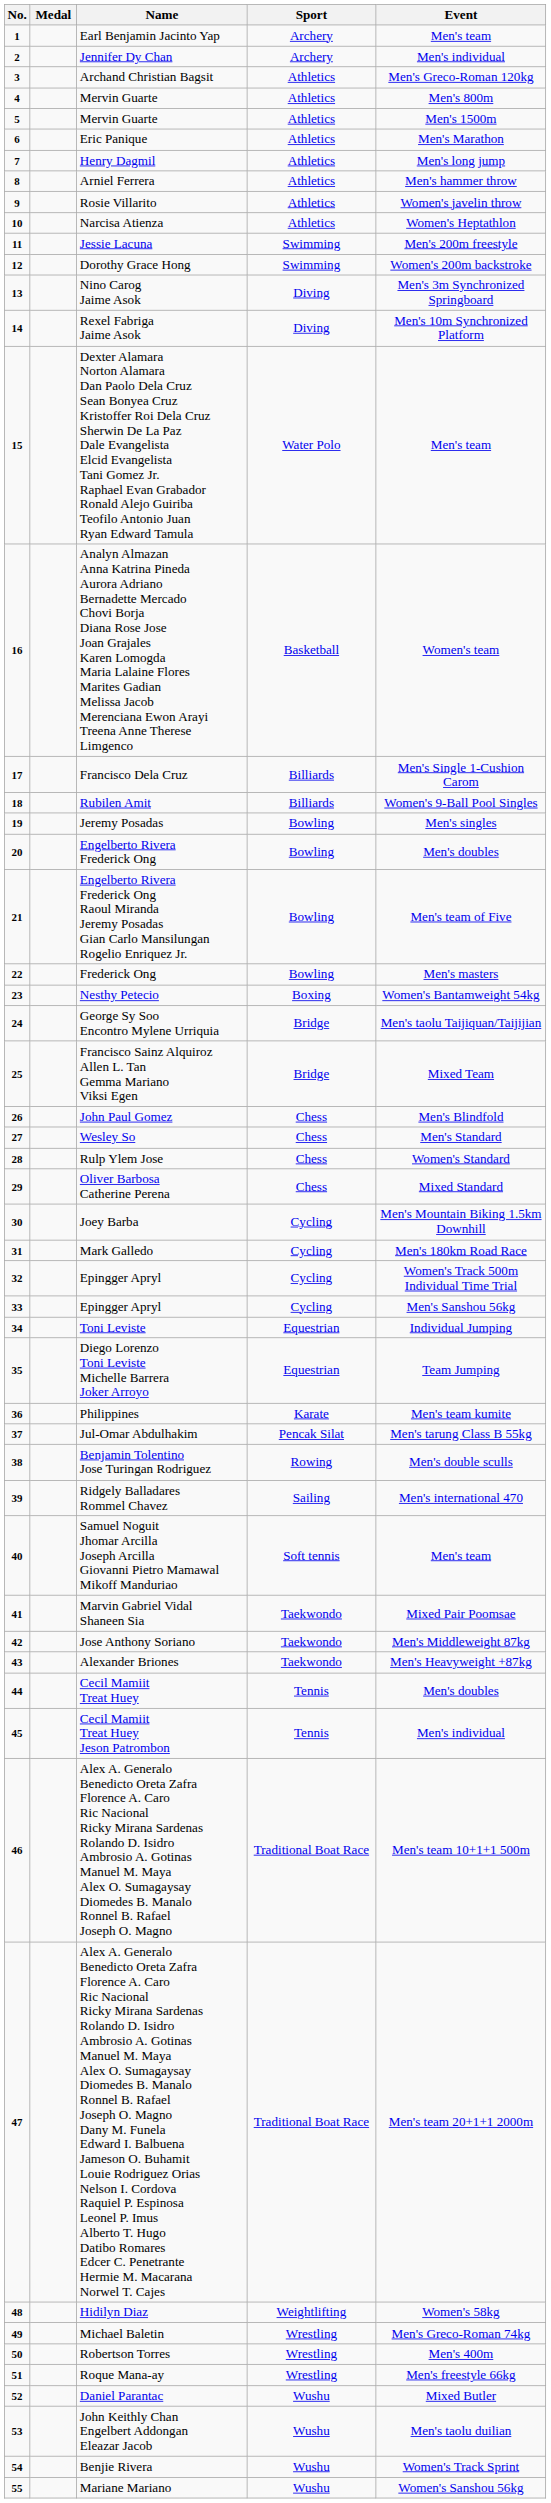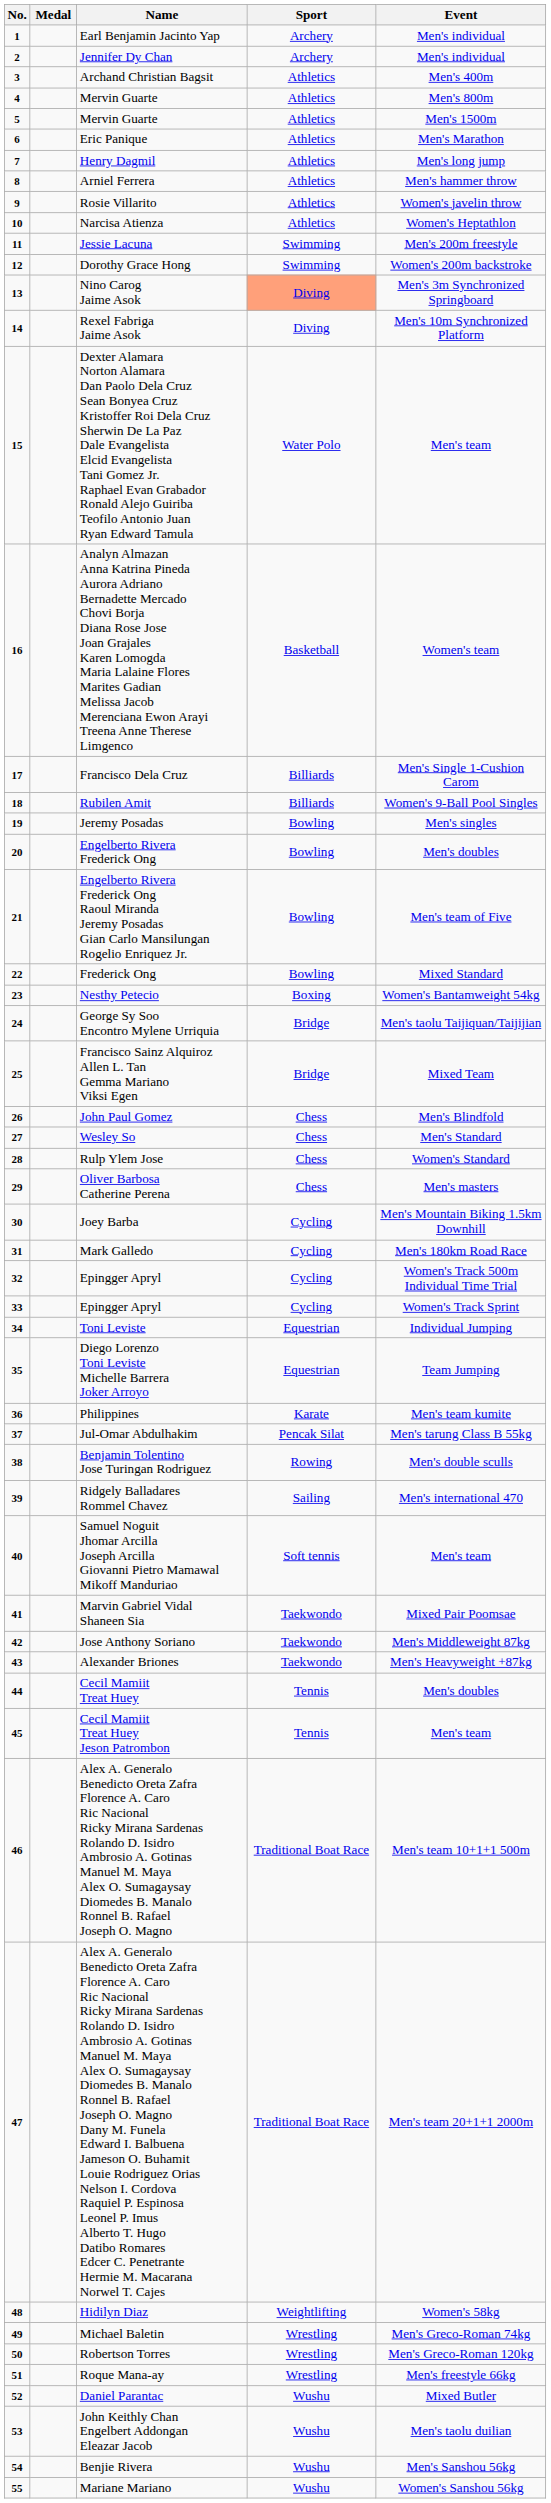 <table class="wikitable sortable" style="font-size:100%; text-align:center;">
 <tr>
 <th width="10">No.</th>
 <th width="50">Medal</th>
 <th width="200">Name</th>
 <th width="150">Sport</th>
 <th width="200">Event</th>
 </tr>
 <tr>
 <td><small><strong>1</strong></small></td>
 <td></td>
 <td align=left>Earl Benjamin Jacinto Yap</td>
 <td> <a href='#'>Archery</a></td>
-<td><a href='#'>Men's team</a></td>
+<td><a href='#'>Men's individual</a></td>
 </tr>
 <tr>
 <td><small><strong>2</strong></small></td>
 <td></td>
 <td align=left><a href='#'>Jennifer Dy Chan</a></td>
 <td> <a href='#'>Archery</a></td>
 <td><a href='#'>Men's individual</a></td>
 </tr>
 <tr>
 <td><small><strong>3</strong></small></td>
 <td></td>
 <td align=left>Archand Christian Bagsit</td>
 <td> <a href='#'>Athletics</a></td>
-<td><a href='#'>Men's Greco-Roman 120kg</a></td>
+<td><a href='#'>Men's 400m</a></td>
 </tr>
 <tr>
 <td><small><strong>4</strong></small></td>
 <td></td>
 <td align=left>Mervin Guarte</td>
 <td> <a href='#'>Athletics</a></td>
 <td><a href='#'>Men's 800m</a></td>
 </tr>
 <tr>
 <td><small><strong>5</strong></small></td>
 <td></td>
 <td align=left>Mervin Guarte</td>
 <td> <a href='#'>Athletics</a></td>
 <td><a href='#'>Men's 1500m</a></td>
 </tr>
 <tr>
 <td><small><strong>6</strong></small></td>
 <td></td>
 <td align=left>Eric Panique</td>
 <td> <a href='#'>Athletics</a></td>
 <td><a href='#'>Men's Marathon</a></td>
 </tr>
 <tr>
 <td><small><strong>7</strong></small></td>
 <td></td>
 <td align=left><a href='#'>Henry Dagmil</a></td>
 <td> <a href='#'>Athletics</a></td>
 <td><a href='#'>Men's long jump</a></td>
 </tr>
 <tr>
 <td><small><strong>8</strong></small></td>
 <td></td>
 <td align=left>Arniel Ferrera</td>
 <td> <a href='#'>Athletics</a></td>
 <td><a href='#'>Men's hammer throw</a></td>
 </tr>
 <tr>
 <td><small><strong>9</strong></small></td>
 <td></td>
 <td align=left>Rosie Villarito</td>
 <td> <a href='#'>Athletics</a></td>
 <td><a href='#'>Women's javelin throw</a></td>
 </tr>
 <tr>
 <td><small><strong>10</strong></small></td>
 <td></td>
 <td align=left>Narcisa Atienza</td>
 <td> <a href='#'>Athletics</a></td>
 <td><a href='#'>Women's Heptathlon</a></td>
 </tr>
 <tr>
 <td><small><strong>11</strong></small></td>
 <td></td>
 <td align=left><a href='#'>Jessie Lacuna</a></td>
 <td> <a href='#'>Swimming</a></td>
 <td><a href='#'>Men's 200m freestyle</a></td>
 </tr>
 <tr>
 <td><small><strong>12</strong></small></td>
 <td></td>
 <td align=left>Dorothy Grace Hong</td>
 <td> <a href='#'>Swimming</a></td>
 <td><a href='#'>Women's 200m backstroke</a></td>
 </tr>
 <tr>
 <td><small><strong>13</strong></small></td>
 <td></td>
 <td align=left>Nino Carog<br>Jaime Asok</td>
-<td> <a href='#'>Diving</a></td>
+<td style="background: lightsalmon;"> <a href='#'>Diving</a></td>
 <td><a href='#'>Men's 3m Synchronized Springboard</a></td>
 </tr>
 <tr>
 <td><small><strong>14</strong></small></td>
 <td></td>
 <td align=left>Rexel Fabriga<br>Jaime Asok</td>
 <td> <a href='#'>Diving</a></td>
 <td><a href='#'>Men's 10m Synchronized Platform</a></td>
 </tr>
 <tr>
 <td><small><strong>15</strong></small></td>
 <td></td>
 <td align=left>Dexter Alamara<br>Norton Alamara<br>Dan Paolo Dela Cruz<br>Sean Bonyea Cruz<br>Kristoffer Roi Dela Cruz<br>Sherwin De La Paz<br>Dale Evangelista<br>Elcid Evangelista<br>Tani Gomez Jr.<br>Raphael Evan Grabador<br>Ronald Alejo Guiriba<br>Teofilo Antonio Juan<br>Ryan Edward Tamula</td>
 <td> <a href='#'>Water Polo</a></td>
 <td><a href='#'>Men's team</a></td>
 </tr>
 <tr>
 <td><small><strong>16</strong></small></td>
 <td></td>
 <td align=left>Analyn Almazan<br>Anna Katrina Pineda<br>Aurora Adriano<br>Bernadette Mercado<br>Chovi Borja<br>Diana Rose Jose<br>Joan Grajales<br>Karen Lomogda<br>Maria Lalaine Flores<br>Marites Gadian<br>Melissa Jacob<br>Merenciana Ewon Arayi<br>Treena Anne Therese Limgenco</td>
 <td> <a href='#'>Basketball</a></td>
 <td><a href='#'>Women's team</a></td>
 </tr>
 <tr>
 <td><small><strong>17</strong></small></td>
 <td></td>
 <td align=left>Francisco Dela Cruz</td>
 <td> <a href='#'>Billiards</a></td>
 <td><a href='#'>Men's Single 1-Cushion Carom</a></td>
 </tr>
 <tr>
 <td><small><strong>18</strong></small></td>
 <td></td>
 <td align=left><a href='#'>Rubilen Amit</a></td>
 <td> <a href='#'>Billiards</a></td>
 <td><a href='#'>Women's 9-Ball Pool Singles</a></td>
 </tr>
 <tr>
 <td><small><strong>19</strong></small></td>
 <td></td>
 <td align=left>Jeremy Posadas</td>
 <td> <a href='#'>Bowling</a></td>
 <td><a href='#'>Men's singles</a></td>
 </tr>
 <tr>
 <td><small><strong>20</strong></small></td>
 <td></td>
 <td align=left><a href='#'>Engelberto Rivera</a><br>Frederick Ong</td>
 <td> <a href='#'>Bowling</a></td>
 <td><a href='#'>Men's doubles</a></td>
 </tr>
 <tr>
 <td><small><strong>21</strong></small></td>
 <td></td>
 <td align=left><a href='#'>Engelberto Rivera</a><br>Frederick Ong<br>Raoul Miranda<br>Jeremy Posadas<br>Gian Carlo Mansilungan<br>Rogelio Enriquez Jr.</td>
 <td> <a href='#'>Bowling</a></td>
 <td><a href='#'>Men's team of Five</a></td>
 </tr>
 <tr>
 <td><small><strong>22</strong></small></td>
 <td></td>
 <td align=left>Frederick Ong</td>
 <td> <a href='#'>Bowling</a></td>
-<td><a href='#'>Men's masters</a></td>
+<td><a href='#'>Mixed Standard</a></td>
 </tr>
 <tr>
 <td><small><strong>23</strong></small></td>
 <td></td>
 <td align=left><a href='#'>Nesthy Petecio</a></td>
 <td> <a href='#'>Boxing</a></td>
 <td><a href='#'>Women's Bantamweight 54kg</a></td>
 </tr>
 <tr>
 <td><small><strong>24</strong></small></td>
 <td></td>
 <td align=left>George Sy Soo<br>Encontro Mylene Urriquia</td>
 <td> <a href='#'>Bridge</a></td>
 <td><a href='#'>Men's taolu Taijiquan/Taijijian</a></td>
 </tr>
 <tr>
 <td><small><strong>25</strong></small></td>
 <td></td>
 <td align=left>Francisco Sainz Alquiroz<br>Allen L. Tan<br>Gemma Mariano<br>Viksi Egen</td>
 <td> <a href='#'>Bridge</a></td>
 <td><a href='#'>Mixed Team</a></td>
 </tr>
 <tr>
 <td><small><strong>26</strong></small></td>
 <td></td>
 <td align=left><a href='#'>John Paul Gomez</a></td>
 <td> <a href='#'>Chess</a></td>
 <td><a href='#'>Men's Blindfold</a></td>
 </tr>
 <tr>
 <td><small><strong>27</strong></small></td>
 <td></td>
 <td align=left><a href='#'>Wesley So</a></td>
 <td> <a href='#'>Chess</a></td>
 <td><a href='#'>Men's Standard</a></td>
 </tr>
 <tr>
 <td><small><strong>28</strong></small></td>
 <td></td>
 <td align=left>Rulp Ylem Jose</td>
 <td> <a href='#'>Chess</a></td>
 <td><a href='#'>Women's Standard</a></td>
 </tr>
 <tr>
 <td><small><strong>29</strong></small></td>
 <td></td>
 <td align=left><a href='#'>Oliver Barbosa</a><br>Catherine Perena</td>
 <td> <a href='#'>Chess</a></td>
-<td><a href='#'>Mixed Standard</a></td>
+<td><a href='#'>Men's masters</a></td>
 </tr>
 <tr>
 <td><small><strong>30</strong></small></td>
 <td></td>
 <td align=left>Joey Barba</td>
 <td> <a href='#'>Cycling</a></td>
 <td><a href='#'>Men's Mountain Biking 1.5km Downhill</a></td>
 </tr>
 <tr>
 <td><small><strong>31</strong></small></td>
 <td></td>
 <td align=left>Mark Galledo</td>
 <td> <a href='#'>Cycling</a></td>
 <td><a href='#'>Men's 180km Road Race</a></td>
 </tr>
 <tr>
 <td><small><strong>32</strong></small></td>
 <td></td>
 <td align=left>Epingger Apryl</td>
 <td> <a href='#'>Cycling</a></td>
 <td><a href='#'>Women's Track 500m Individual Time Trial</a></td>
 </tr>
 <tr>
 <td><small><strong>33</strong></small></td>
 <td></td>
 <td align=left>Epingger Apryl</td>
 <td> <a href='#'>Cycling</a></td>
-<td><a href='#'>Men's Sanshou 56kg</a></td>
+<td><a href='#'>Women's Track Sprint</a></td>
 </tr>
 <tr>
 <td><small><strong>34</strong></small></td>
 <td></td>
 <td align=left><a href='#'>Toni Leviste</a></td>
 <td> <a href='#'>Equestrian</a></td>
 <td><a href='#'>Individual Jumping</a></td>
 </tr>
 <tr>
 <td><small><strong>35</strong></small></td>
 <td></td>
 <td align=left>Diego Lorenzo<br><a href='#'>Toni Leviste</a><br>Michelle Barrera<br><a href='#'>Joker Arroyo</a></td>
 <td> <a href='#'>Equestrian</a></td>
 <td><a href='#'>Team Jumping</a></td>
 </tr>
 <tr>
 <td><small><strong>36</strong></small></td>
 <td></td>
 <td align=left>Philippines</td>
 <td> <a href='#'>Karate</a></td>
 <td><a href='#'>Men's team kumite</a></td>
 </tr>
 <tr>
 <td><small><strong>37</strong></small></td>
 <td></td>
 <td align=left>Jul-Omar Abdulhakim</td>
 <td> <a href='#'>Pencak Silat</a></td>
 <td><a href='#'>Men's tarung Class B 55kg</a></td>
 </tr>
 <tr>
 <td><small><strong>38</strong></small></td>
 <td></td>
 <td align=left><a href='#'>Benjamin Tolentino</a><br>Jose Turingan Rodriguez</td>
 <td> <a href='#'>Rowing</a></td>
 <td><a href='#'>Men's double sculls</a></td>
 </tr>
 <tr>
 <td><small><strong>39</strong></small></td>
 <td></td>
 <td align=left>Ridgely Balladares<br>Rommel Chavez</td>
 <td> <a href='#'>Sailing</a></td>
 <td><a href='#'>Men's international 470</a></td>
 </tr>
 <tr>
 <td><small><strong>40</strong></small></td>
 <td></td>
 <td align=left>Samuel Noguit<br>Jhomar Arcilla<br>Joseph Arcilla<br>Giovanni Pietro Mamawal<br>Mikoff Manduriao</td>
 <td> <a href='#'>Soft tennis</a></td>
 <td><a href='#'>Men's team</a></td>
 </tr>
 <tr>
 <td><small><strong>41</strong></small></td>
 <td></td>
 <td align=left>Marvin Gabriel Vidal<br>Shaneen Sia</td>
 <td> <a href='#'>Taekwondo</a></td>
 <td><a href='#'>Mixed Pair Poomsae</a></td>
 </tr>
 <tr>
 <td><small><strong>42</strong></small></td>
 <td></td>
 <td align=left>Jose Anthony Soriano</td>
 <td> <a href='#'>Taekwondo</a></td>
 <td><a href='#'>Men's Middleweight 87kg</a></td>
 </tr>
 <tr>
 <td><small><strong>43</strong></small></td>
 <td></td>
 <td align=left>Alexander Briones</td>
 <td> <a href='#'>Taekwondo</a></td>
 <td><a href='#'>Men's Heavyweight +87kg</a></td>
 </tr>
 <tr>
 <td><small><strong>44</strong></small></td>
 <td></td>
 <td align=left><a href='#'>Cecil Mamiit</a><br><a href='#'>Treat Huey</a></td>
 <td> <a href='#'>Tennis</a></td>
 <td><a href='#'>Men's doubles</a></td>
 </tr>
 <tr>
 <td><small><strong>45</strong></small></td>
 <td></td>
 <td align=left><a href='#'>Cecil Mamiit</a><br><a href='#'>Treat Huey</a><br><a href='#'>Jeson Patrombon</a></td>
 <td> <a href='#'>Tennis</a></td>
-<td><a href='#'>Men's individual</a></td>
+<td><a href='#'>Men's team</a></td>
 </tr>
 <tr>
 <td><small><strong>46</strong></small></td>
 <td></td>
 <td align=left>Alex A. Generalo<br>Benedicto Oreta Zafra<br>Florence A. Caro<br>Ric Nacional<br>Ricky Mirana Sardenas<br>Rolando D. Isidro<br>Ambrosio A. Gotinas<br>Manuel M. Maya<br>Alex O. Sumagaysay<br>Diomedes B. Manalo<br>Ronnel B. Rafael<br>Joseph O. Magno</td>
 <td> <a href='#'>Traditional Boat Race</a></td>
 <td><a href='#'>Men's team 10+1+1 500m</a></td>
 </tr>
 <tr>
 <td><small><strong>47</strong></small></td>
 <td></td>
 <td align=left>Alex A. Generalo<br>Benedicto Oreta Zafra<br>Florence A. Caro<br>Ric Nacional<br>Ricky Mirana Sardenas<br>Rolando D. Isidro<br>Ambrosio A. Gotinas<br>Manuel M. Maya<br>Alex O. Sumagaysay<br>Diomedes B. Manalo<br>Ronnel B. Rafael<br>Joseph O. Magno<br>Dany M. Funela<br>Edward I. Balbuena<br>Jameson O. Buhamit<br>Louie Rodriguez Orias<br>Nelson I. Cordova<br>Raquiel P. Espinosa<br>Leonel P. Imus<br>Alberto T. Hugo<br>Datibo Romares<br>Edcer C. Penetrante<br>Hermie M. Macarana<br>Norwel T. Cajes</td>
 <td> <a href='#'>Traditional Boat Race</a></td>
 <td><a href='#'>Men's team 20+1+1 2000m</a></td>
 </tr>
 <tr>
 <td><small><strong>48</strong></small></td>
 <td></td>
 <td align=left><a href='#'>Hidilyn Diaz</a></td>
 <td> <a href='#'>Weightlifting</a></td>
 <td><a href='#'>Women's 58kg</a></td>
 </tr>
 <tr>
 <td><small><strong>49</strong></small></td>
 <td></td>
 <td align=left>Michael Baletin</td>
 <td> <a href='#'>Wrestling</a></td>
 <td><a href='#'>Men's Greco-Roman 74kg</a></td>
 </tr>
 <tr>
 <td><small><strong>50</strong></small></td>
 <td></td>
 <td align=left>Robertson Torres</td>
 <td> <a href='#'>Wrestling</a></td>
-<td><a href='#'>Men's 400m</a></td>
+<td><a href='#'>Men's Greco-Roman 120kg</a></td>
 </tr>
 <tr>
 <td><small><strong>51</strong></small></td>
 <td></td>
 <td align=left>Roque Mana-ay</td>
 <td> <a href='#'>Wrestling</a></td>
 <td><a href='#'>Men's freestyle 66kg</a></td>
 </tr>
 <tr>
 <td><small><strong>52</strong></small></td>
 <td></td>
 <td align=left><a href='#'>Daniel Parantac</a></td>
 <td> <a href='#'>Wushu</a></td>
 <td><a href='#'>Mixed Butler</a></td>
 </tr>
 <tr>
 <td><small><strong>53</strong></small></td>
 <td></td>
 <td align=left>John Keithly Chan<br>Engelbert Addongan<br>Eleazar Jacob</td>
 <td> <a href='#'>Wushu</a></td>
 <td><a href='#'>Men's taolu duilian</a></td>
 </tr>
 <tr>
 <td><small><strong>54</strong></small></td>
 <td></td>
 <td align=left>Benjie Rivera</td>
 <td> <a href='#'>Wushu</a></td>
-<td><a href='#'>Women's Track Sprint</a></td>
+<td><a href='#'>Men's Sanshou 56kg</a></td>
 </tr>
 <tr>
 <td><small><strong>55</strong></small></td>
 <td></td>
 <td align=left>Mariane Mariano</td>
 <td> <a href='#'>Wushu</a></td>
 <td><a href='#'>Women's Sanshou 56kg</a></td>
 </tr>
 </table>
